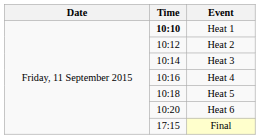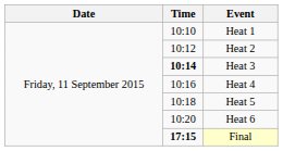 <table class = "wikitable" style="text-align:center;">
 <tr>
 <th width=220>Date</th>
 <th width=50>Time</th>
 <th width=100>Event</th>
 </tr>
 <tr>
 <td rowspan=7>Friday, 11 September 2015</td>
-<td><strong>10:10</strong></td>
+<td>10:10</td>
 <td>Heat 1</td>
 </tr>
 <tr>
 <td>10:12</td>
 <td>Heat 2</td>
 </tr>
 <tr>
-<td>10:14</td>
+<td><strong>10:14</strong></td>
 <td>Heat 3</td>
 </tr>
 <tr>
 <td>10:16</td>
 <td>Heat 4</td>
 </tr>
 <tr>
 <td>10:18</td>
 <td>Heat 5</td>
 </tr>
 <tr>
 <td>10:20</td>
 <td>Heat 6</td>
 </tr>
 <tr>
-<td>17:15</td>
+<td><strong>17:15</strong></td>
 <td bgcolor=ffffcc>Final</td>
 </tr>
 </table>
